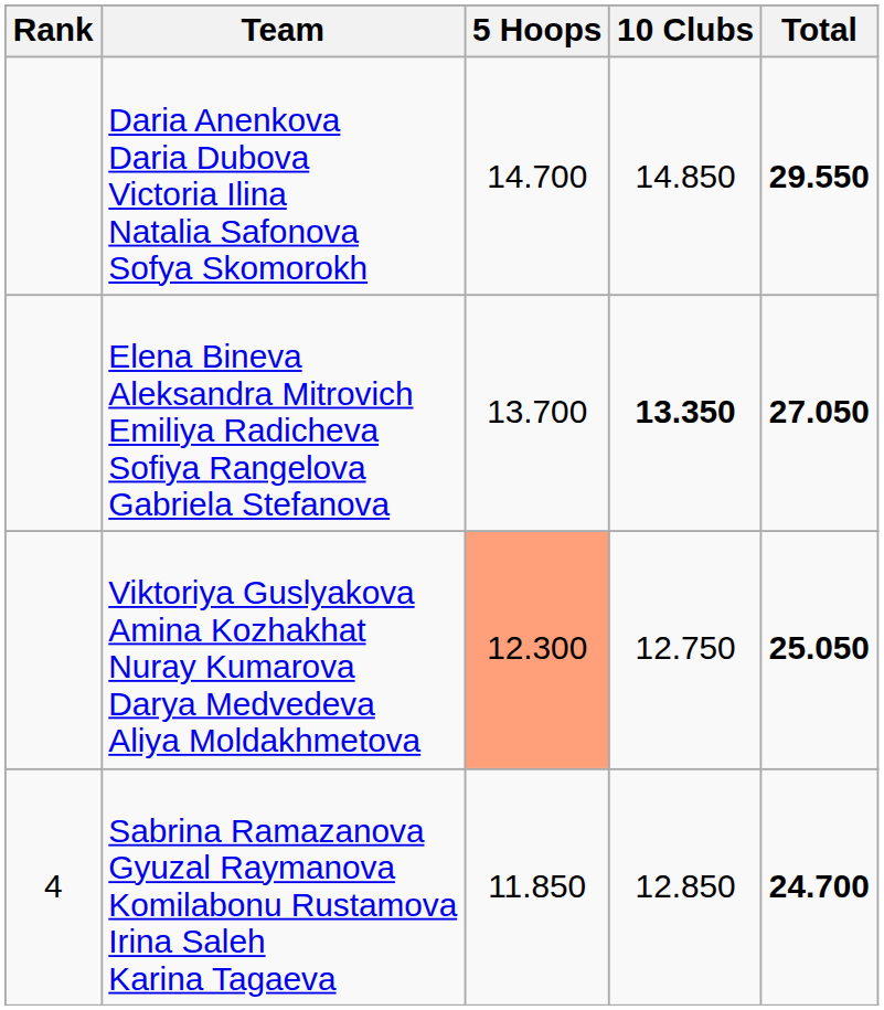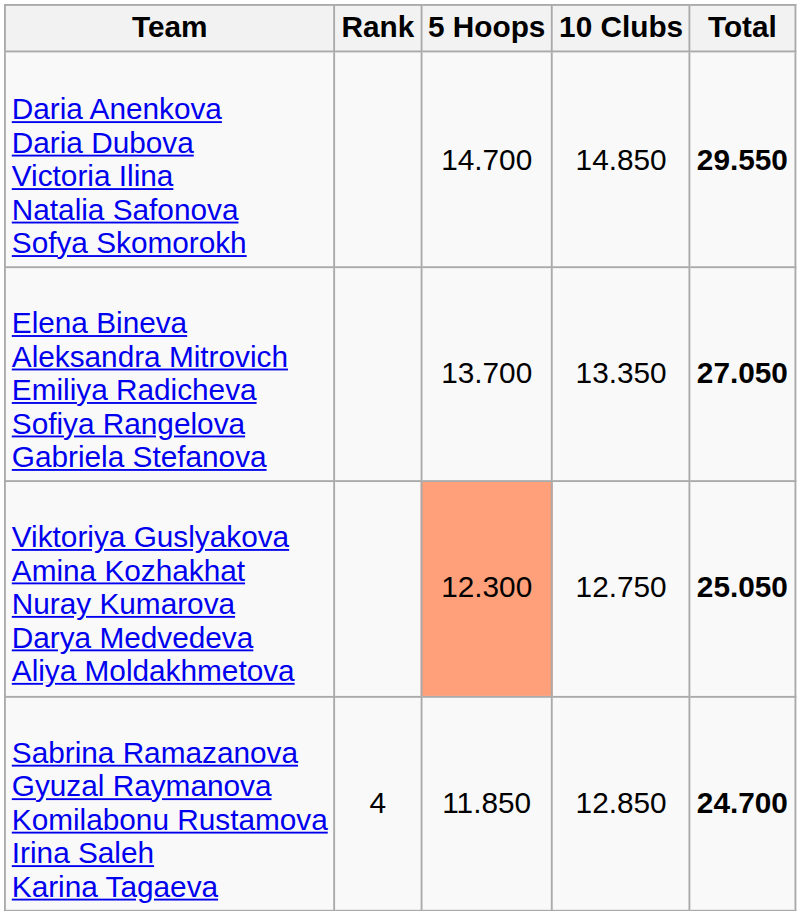 <table class="wikitable sortable" style="text-align:center">
 <tr>
+<th>Team</th>
 <th>Rank</th>
-<th>Team</th>
 <th>5 Hoops</th>
 <th>10 Clubs</th>
 <th>Total</th>
 </tr>
 <tr>
+<td align=left><br><a href='#'>Daria Anenkova</a><br><a href='#'>Daria Dubova</a><br><a href='#'>Victoria Ilina</a><br><a href='#'>Natalia Safonova</a><br><a href='#'>Sofya Skomorokh</a></td>
 <td></td>
-<td align=left><br><a href='#'>Daria Anenkova</a><br><a href='#'>Daria Dubova</a><br><a href='#'>Victoria Ilina</a><br><a href='#'>Natalia Safonova</a><br><a href='#'>Sofya Skomorokh</a></td>
 <td>14.700</td>
 <td>14.850</td>
 <td><strong>29.550</strong></td>
 </tr>
 <tr>
+<td align=left><br><a href='#'>Elena Bineva</a><br><a href='#'>Aleksandra Mitrovich</a><br><a href='#'>Emiliya Radicheva</a><br><a href='#'>Sofiya Rangelova</a><br><a href='#'>Gabriela Stefanova</a></td>
 <td></td>
-<td align=left><br><a href='#'>Elena Bineva</a><br><a href='#'>Aleksandra Mitrovich</a><br><a href='#'>Emiliya Radicheva</a><br><a href='#'>Sofiya Rangelova</a><br><a href='#'>Gabriela Stefanova</a></td>
 <td>13.700</td>
-<td><strong>13.350</strong></td>
+<td>13.350</td>
 <td><strong>27.050</strong></td>
 </tr>
 <tr>
+<td align=left><br><a href='#'>Viktoriya Guslyakova</a><br><a href='#'>Amina Kozhakhat</a><br><a href='#'>Nuray Kumarova</a><br><a href='#'>Darya Medvedeva</a><br><a href='#'>Aliya Moldakhmetova</a></td>
 <td></td>
-<td align=left><br><a href='#'>Viktoriya Guslyakova</a><br><a href='#'>Amina Kozhakhat</a><br><a href='#'>Nuray Kumarova</a><br><a href='#'>Darya Medvedeva</a><br><a href='#'>Aliya Moldakhmetova</a></td>
 <td style="background: lightsalmon;">12.300</td>
 <td>12.750</td>
 <td><strong>25.050</strong></td>
 </tr>
 <tr>
+<td align=left><br><a href='#'>Sabrina Ramazanova</a><br><a href='#'>Gyuzal Raymanova</a><br><a href='#'>Komilabonu Rustamova</a><br><a href='#'>Irina Saleh</a><br><a href='#'>Karina Tagaeva</a></td>
 <td>4</td>
-<td align=left><br><a href='#'>Sabrina Ramazanova</a><br><a href='#'>Gyuzal Raymanova</a><br><a href='#'>Komilabonu Rustamova</a><br><a href='#'>Irina Saleh</a><br><a href='#'>Karina Tagaeva</a></td>
 <td>11.850</td>
 <td>12.850</td>
 <td><strong>24.700</strong></td>
 </tr>
 </table>
